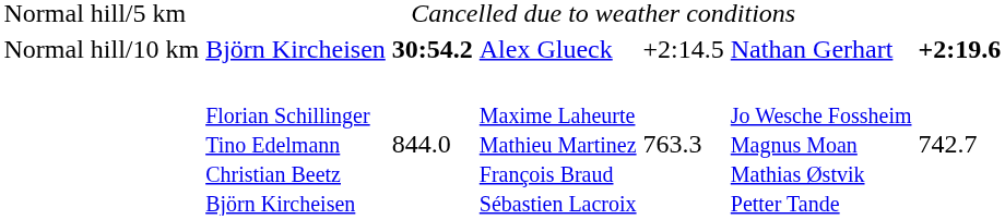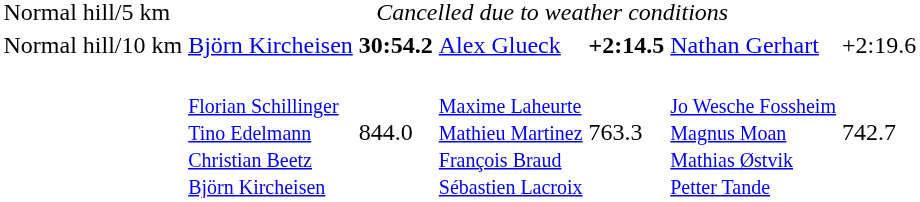 <table>
 <tr>
 <td>Normal hill/5 km</td>
 <td colspan=6 align=center><em>Cancelled due to weather conditions</em></td>
 </tr>
 <tr>
 <td>Normal hill/10 km</td>
 <td><a href='#'>Björn Kircheisen</a><br></td>
 <td><strong>30:54.2</strong></td>
 <td><a href='#'>Alex Glueck</a><br></td>
-<td>+2:14.5</td>
+<td><strong>+2:14.5</strong></td>
 <td><a href='#'>Nathan Gerhart</a><br></td>
-<td><strong>+2:19.6</strong></td>
+<td>+2:19.6</td>
 </tr>
 <tr>
 <td></td>
 <td><br><small><a href='#'>Florian Schillinger</a><br><a href='#'>Tino Edelmann</a><br><a href='#'>Christian Beetz</a><br><a href='#'>Björn Kircheisen</a></small></td>
 <td>844.0</td>
 <td><br><small><a href='#'>Maxime Laheurte</a><br><a href='#'>Mathieu Martinez</a><br><a href='#'>François Braud</a><br><a href='#'>Sébastien Lacroix</a></small></td>
 <td>763.3</td>
 <td><br><small><a href='#'>Jo Wesche Fossheim</a><br><a href='#'>Magnus Moan</a><br><a href='#'>Mathias Østvik</a><br><a href='#'>Petter Tande</a></small></td>
 <td>742.7</td>
 </tr>
 <tr>
 </tr>
 </table>
